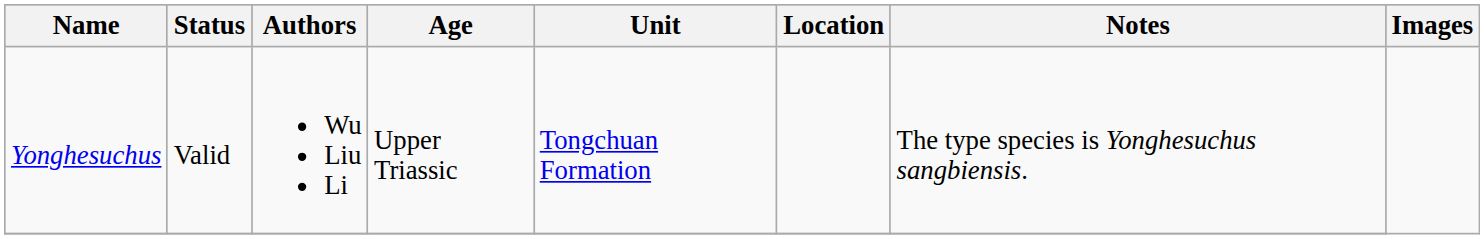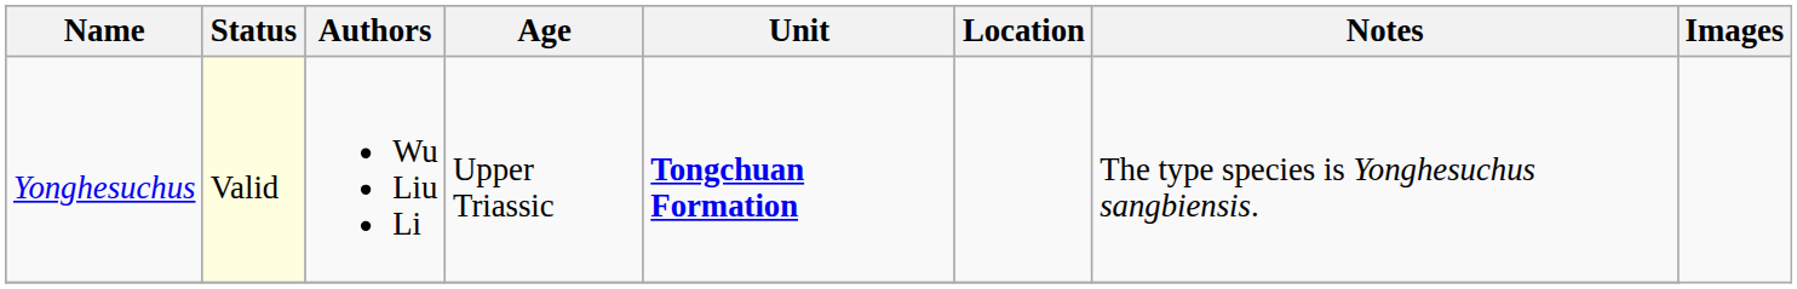 <table class="wikitable sortable" align="center" width="100%">
 <tr>
 <th>Name</th>
 <th>Status</th>
 <th>Authors</th>
 <th>Age</th>
 <th>Unit</th>
 <th>Location</th>
 <th>Notes</th>
 <th>Images</th>
 </tr>
 <tr>
 <td><br><em><a href='#'>Yonghesuchus</a></em></td>
-<td><br>Valid</td>
+<td style="background: lightyellow;"><br>Valid</td>
 <td><br><ul><li>Wu</li><li>Liu</li><li>Li</li></ul></td>
 <td><br>Upper Triassic</td>
-<td><br><a href='#'>Tongchuan Formation</a></td>
+<td><strong><br><a href='#'>Tongchuan Formation</a></strong></td>
 <td><br></td>
 <td><br>The type species is <em>Yonghesuchus sangbiensis</em>.</td>
 <td rowspan="47"></td>
 </tr>
 <tr>
 </tr>
 </table>
